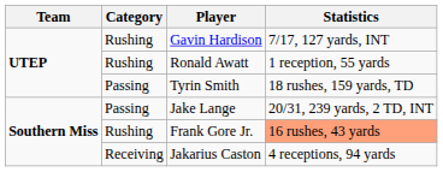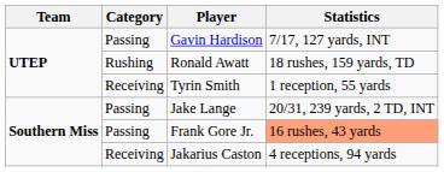 <table class="wikitable" style="float: left;">
 <tr>
 <th>Team</th>
 <th>Category</th>
 <th>Player</th>
 <th>Statistics</th>
 </tr>
 <tr>
 <td rowspan=3><strong>UTEP</strong></td>
-<td>Rushing</td>
+<td>Passing</td>
 <td><a href='#'>Gavin Hardison</a></td>
 <td>7/17, 127 yards, INT</td>
 </tr>
 <tr>
 <td>Rushing</td>
 <td>Ronald Awatt</td>
-<td>1 reception, 55 yards</td>
+<td>18 rushes, 159 yards, TD</td>
 </tr>
 <tr>
-<td>Passing</td>
+<td>Receiving</td>
 <td>Tyrin Smith</td>
-<td>18 rushes, 159 yards, TD</td>
+<td>1 reception, 55 yards</td>
 </tr>
 <tr>
 <td rowspan=3><strong>Southern Miss</strong></td>
 <td>Passing</td>
 <td>Jake Lange</td>
 <td>20/31, 239 yards, 2 TD, INT</td>
 </tr>
 <tr>
-<td>Rushing</td>
+<td>Passing</td>
 <td>Frank Gore Jr.</td>
 <td style="background: lightsalmon;">16 rushes, 43 yards</td>
 </tr>
 <tr>
 <td>Receiving</td>
 <td>Jakarius Caston</td>
 <td>4 receptions, 94 yards</td>
 </tr>
 </table>
